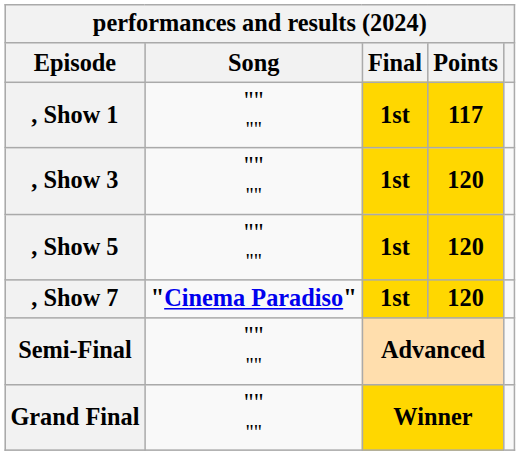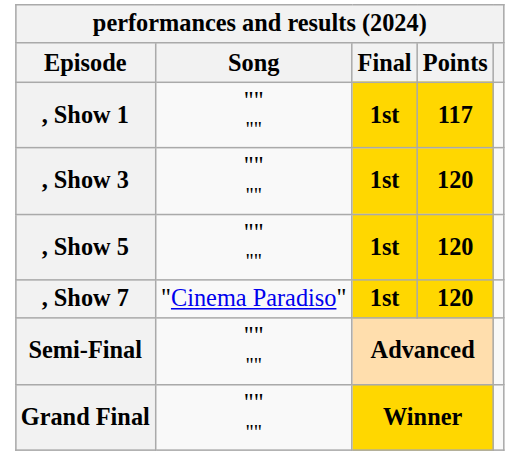 <table class="wikitable collapsible collapsed" style="margin:1em auto 1em auto; text-align:center;">
 <tr>
 <th colspan="5"> performances and results (2024)</th>
 </tr>
 <tr>
 <th scope="col">Episode</th>
 <th scope="col">Song</th>
 <th scope="col">Final</th>
 <th scope="col">Points</th>
 <th scope="col"></th>
 </tr>
 <tr>
 <th scope="row">, Show 1</th>
 <td>""<br><small>""</small></td>
 <td style="background:#FFD700;"><strong>1st</strong></td>
 <td style="background:#FFD700;"><strong>117</strong></td>
 <td></td>
 </tr>
 <tr>
 <th scope="row">, Show 3</th>
 <td>""<br><small>""</small></td>
 <td style="background:#FFD700;"><strong>1st</strong></td>
 <td style="background:#FFD700;"><strong>120</strong></td>
 <td></td>
 </tr>
 <tr>
 <th scope="row">, Show 5</th>
 <td>""<br><small>""</small></td>
 <td style="background:#FFD700;"><strong>1st</strong></td>
 <td style="background:#FFD700;"><strong>120</strong></td>
 <td></td>
 </tr>
 <tr>
 <th scope="row">, Show 7</th>
-<td><strong>"<a href='#'>Cinema Paradiso</a>"</strong></td>
+<td>"<a href='#'>Cinema Paradiso</a>"</td>
 <td style="background:#FFD700;"><strong>1st</strong></td>
 <td style="background:#FFD700;"><strong>120</strong></td>
 <td></td>
 </tr>
 <tr>
 <th scope="row">Semi-Final</th>
 <td>""<br><small>""</small></td>
 <td colspan="2" style="background:navajowhite;"><strong>Advanced</strong></td>
 <td></td>
 </tr>
 <tr>
 <th scope="row">Grand Final</th>
 <td>""<br><small>""</small></td>
 <td colspan="2" style="background:#FFD700;"><strong>Winner</strong></td>
 <td></td>
 </tr>
 </table>
